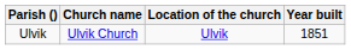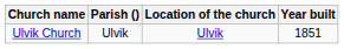 <table class="wikitable" style="text-align:center">
 <tr>
+<th>Church name</th>
 <th>Parish ()</th>
-<th>Church name</th>
 <th>Location of the church</th>
 <th>Year built</th>
 </tr>
 <tr>
+<td><a href='#'>Ulvik Church</a></td>
 <td>Ulvik</td>
-<td><a href='#'>Ulvik Church</a></td>
 <td><a href='#'>Ulvik</a></td>
 <td>1851</td>
 </tr>
 </table>
